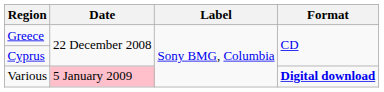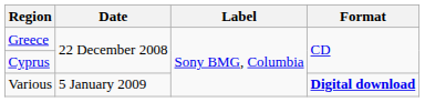 <table class="sortable wikitable">
 <tr>
 <th>Region</th>
 <th>Date</th>
 <th>Label</th>
 <th>Format</th>
 </tr>
 <tr>
 <td><a href='#'>Greece</a></td>
 <td rowspan="2">22 December 2008</td>
 <td rowspan="3"><a href='#'>Sony BMG</a>, <a href='#'>Columbia</a></td>
 <td rowspan="2"><a href='#'>CD</a></td>
 </tr>
 <tr>
 <td><a href='#'>Cyprus</a></td>
 </tr>
 <tr>
 <td>Various</td>
-<td style="background: pink;">5 January 2009</td>
+<td>5 January 2009</td>
 <td><strong><a href='#'>Digital download</a></strong></td>
 </tr>
 </table>
